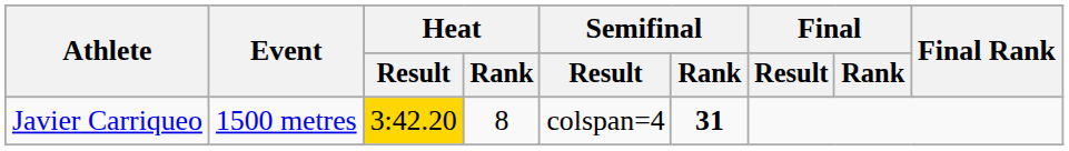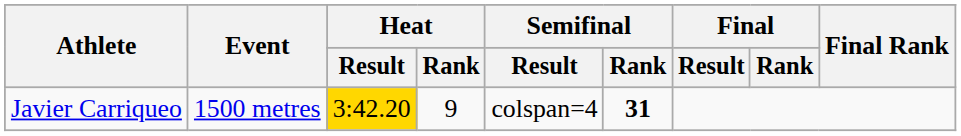 <table class="wikitable" style="font-size:90%">
 <tr>
 <th rowspan="2">Athlete</th>
 <th rowspan="2">Event</th>
 <th colspan="2">Heat</th>
 <th colspan="2">Semifinal</th>
 <th colspan="2">Final</th>
 <th colspan="2" rowspan="2">Final Rank</th>
 </tr>
 <tr style="font-size:95%">
 <th>Result</th>
 <th>Rank</th>
 <th>Result</th>
 <th>Rank</th>
 <th>Result</th>
 <th>Rank</th>
 </tr>
 <tr align=center>
 <td align=left><a href='#'>Javier Carriqueo</a></td>
 <td align=left><a href='#'>1500 metres</a></td>
 <td style="background: gold;">3:42.20</td>
-<td>8</td>
+<td>9</td>
 <td>colspan=4 </td>
 <td><strong>31</strong></td>
 </tr>
 </table>
